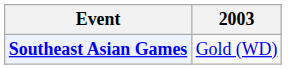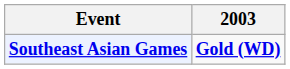 <table style='font-size: 90%; text-align:center;' class='wikitable'>
 <tr>
 <th>Event</th>
 <th>2003</th>
 </tr>
 <tr>
 <td bgcolor="#ECF2FF"; align="left"><strong><a href='#'>Southeast Asian Games</a></strong></td>
-<td> <a href='#'>Gold (WD)</a></td>
+<td><strong> <a href='#'>Gold (WD)</a></strong></td>
 </tr>
 </table>
